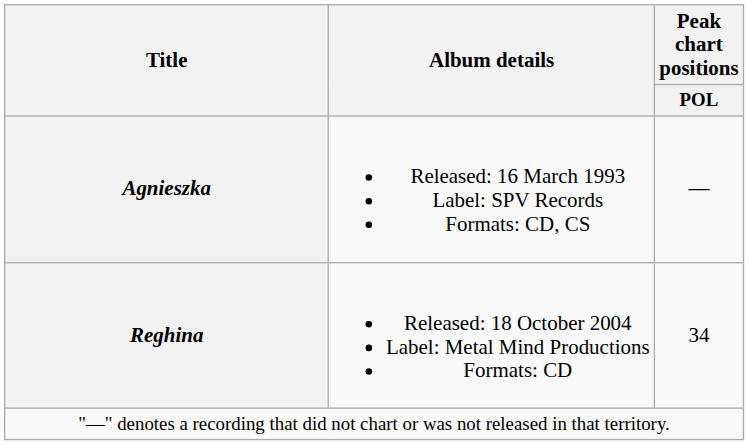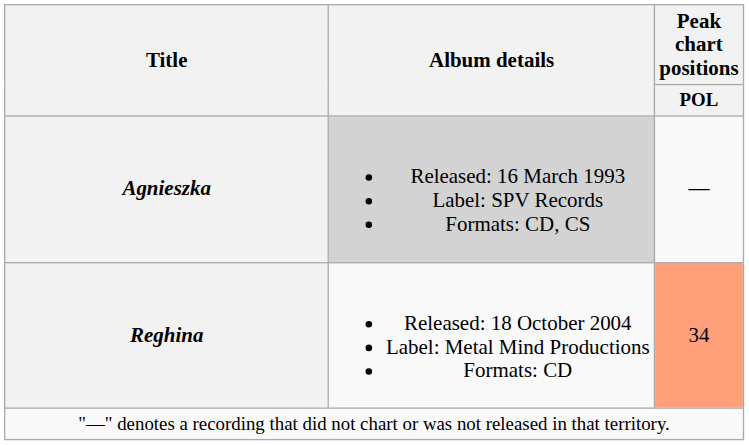 <table class="wikitable plainrowheaders" style="text-align:center;">
 <tr>
 <th scope="col" rowspan="2" style="width:15em;">Title</th>
 <th scope="col" rowspan="2">Album details</th>
 <th scope="col">Peak chart positions</th>
 </tr>
 <tr>
 <th scope="col" style="width:3em;font-size:90%;">POL<br></th>
 </tr>
 <tr>
 <th scope="row"><em>Agnieszka</em></th>
-<td><br><ul><li>Released: 16 March 1993</li><li>Label: SPV Records</li><li>Formats: CD, CS</li></ul></td>
+<td style="background: lightgrey;"><br><ul><li>Released: 16 March 1993</li><li>Label: SPV Records</li><li>Formats: CD, CS</li></ul></td>
 <td>—</td>
 </tr>
 <tr>
 <th scope="row"><em>Reghina</em></th>
 <td><br><ul><li>Released: 18 October 2004</li><li>Label: Metal Mind Productions</li><li>Formats: CD</li></ul></td>
-<td>34</td>
+<td style="background: lightsalmon;">34</td>
 </tr>
 <tr>
 <td colspan="10" style="font-size:90%">"—" denotes a recording that did not chart or was not released in that territory.</td>
 </tr>
 </table>
